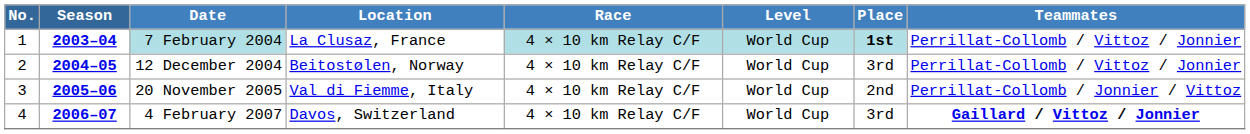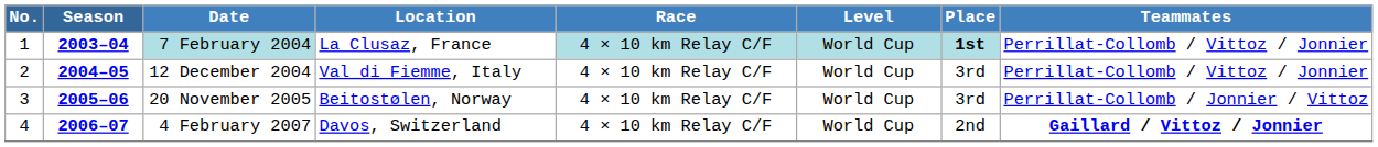 <table class="wikitable sortable" style="font-size:95%; text-align:center; border:grey solid 1px; border-collapse:collapse; background:#ffffff;">
 <tr style="background:#efefef;">
 <th style="background-color:#369; color:white;">No.</th>
 <th style="background-color:#369; color:white;">Season</th>
 <th style="background-color:#4180be; color:white; width:120px;">Date</th>
 <th style="background-color:#4180be; color:white; width:170px;">Location</th>
 <th style="background-color:#4180be; color:white; width:170px;">Race</th>
 <th style="background-color:#4180be; color:white; width:100px;">Level</th>
 <th style="background-color:#4180be; color:white;">Place</th>
 <th style="background-color:#4180be; color:white;">Teammates</th>
 </tr>
 <tr>
 <td align=center>1</td>
 <td rowspan=1 align=center><strong><a href='#'>2003–04</a></strong></td>
 <td bgcolor="#BOEOE6" align=right>7 February 2004</td>
 <td align=left> <a href='#'>La Clusaz</a>, France</td>
 <td bgcolor="#BOEOE6">4 × 10 km Relay C/F</td>
 <td bgcolor="#BOEOE6">World Cup</td>
 <td bgcolor="#BOEOE6"><strong>1st</strong></td>
 <td><a href='#'>Perrillat-Collomb</a> / <a href='#'>Vittoz</a> / <a href='#'>Jonnier</a></td>
 </tr>
 <tr>
 <td align=center>2</td>
 <td rowspan=1 align=center><strong> <a href='#'>2004–05</a> </strong></td>
 <td align=right>12 December 2004</td>
-<td align=left> <a href='#'>Beitostølen</a>, Norway</td>
+<td align=left> <a href='#'>Val di Fiemme</a>, Italy</td>
 <td>4 × 10 km Relay C/F</td>
 <td>World Cup</td>
 <td>3rd</td>
 <td><a href='#'>Perrillat-Collomb</a> / <a href='#'>Vittoz</a> / <a href='#'>Jonnier</a></td>
 </tr>
 <tr>
 <td align=center>3</td>
 <td rowspan=1 align=center><strong> <a href='#'>2005–06</a> </strong></td>
 <td align=right>20 November 2005</td>
-<td align=left> <a href='#'>Val di Fiemme</a>, Italy</td>
+<td align=left> <a href='#'>Beitostølen</a>, Norway</td>
 <td>4 × 10 km Relay C/F</td>
 <td>World Cup</td>
-<td>2nd</td>
+<td>3rd</td>
 <td><a href='#'>Perrillat-Collomb</a> / <a href='#'>Jonnier</a> / <a href='#'>Vittoz</a></td>
 </tr>
 <tr>
 <td align=center>4</td>
 <td rowspan=1 align=center><strong> <a href='#'>2006–07</a> </strong></td>
 <td align=right>4 February 2007</td>
 <td align=left> <a href='#'>Davos</a>, Switzerland</td>
 <td>4 × 10 km Relay C/F</td>
 <td>World Cup</td>
-<td>3rd</td>
+<td>2nd</td>
 <td><strong><a href='#'>Gaillard</a> / <a href='#'>Vittoz</a> / <a href='#'>Jonnier</a></strong></td>
 </tr>
 <tr>
 </tr>
 </table>
